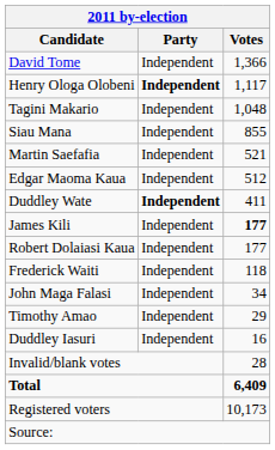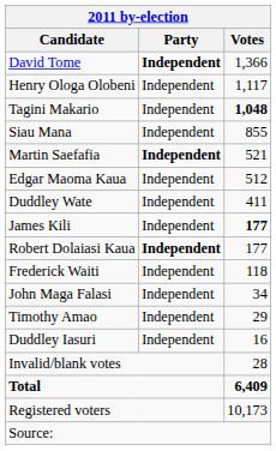 <table class=wikitable style=text-align:left>
 <tr>
 <th colspan=3><a href='#'>2011 by-election</a></th>
 </tr>
 <tr>
 <th>Candidate</th>
 <th>Party</th>
 <th>Votes</th>
 </tr>
 <tr>
 <td><a href='#'>David Tome</a></td>
-<td>Independent</td>
+<td><strong>Independent</strong></td>
 <td align=right>1,366</td>
 </tr>
 <tr>
 <td>Henry Ologa Olobeni</td>
-<td><strong>Independent</strong></td>
+<td>Independent</td>
 <td align=right>1,117</td>
 </tr>
 <tr>
 <td>Tagini Makario</td>
 <td>Independent</td>
-<td align=right>1,048</td>
+<td align=right><strong>1,048</strong></td>
 </tr>
 <tr>
 <td>Siau Mana</td>
 <td>Independent</td>
 <td align=right>855</td>
 </tr>
 <tr>
 <td>Martin Saefafia</td>
-<td>Independent</td>
+<td><strong>Independent</strong></td>
 <td align=right>521</td>
 </tr>
 <tr>
 <td>Edgar Maoma Kaua</td>
 <td>Independent</td>
 <td align=right>512</td>
 </tr>
 <tr>
 <td>Duddley Wate</td>
-<td><strong>Independent</strong></td>
+<td>Independent</td>
 <td align=right>411</td>
 </tr>
 <tr>
 <td>James Kili</td>
 <td>Independent</td>
 <td align=right><strong>177</strong></td>
 </tr>
 <tr>
 <td>Robert Dolaiasi Kaua</td>
-<td>Independent</td>
+<td><strong>Independent</strong></td>
 <td align=right>177</td>
 </tr>
 <tr>
 <td>Frederick Waiti</td>
 <td>Independent</td>
 <td align=right>118</td>
 </tr>
 <tr>
 <td>John Maga Falasi</td>
 <td>Independent</td>
 <td align=right>34</td>
 </tr>
 <tr>
 <td>Timothy Amao</td>
 <td>Independent</td>
 <td align=right>29</td>
 </tr>
 <tr>
 <td>Duddley Iasuri</td>
 <td>Independent</td>
 <td align=right>16</td>
 </tr>
 <tr>
 <td colspan=2>Invalid/blank votes</td>
 <td align=right>28</td>
 </tr>
 <tr>
 <td colspan=2><strong>Total</strong></td>
 <td align=right><strong>6,409</strong></td>
 </tr>
 <tr>
 <td colspan=2>Registered voters</td>
 <td align=right>10,173</td>
 </tr>
 <tr>
 <td colspan=3>Source: </td>
 </tr>
 </table>
